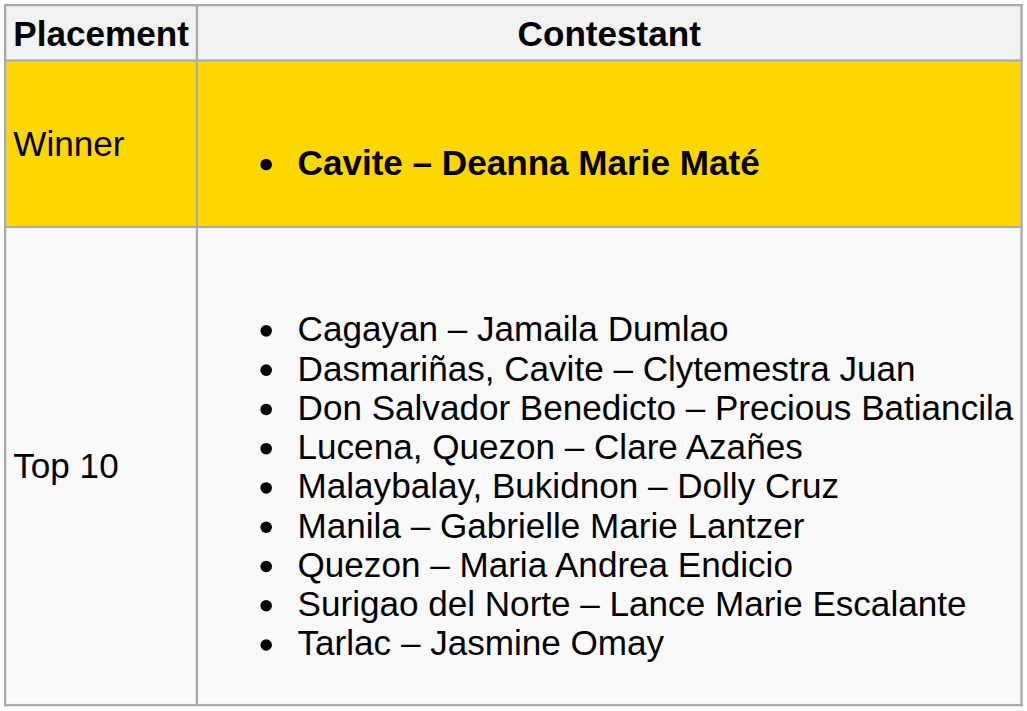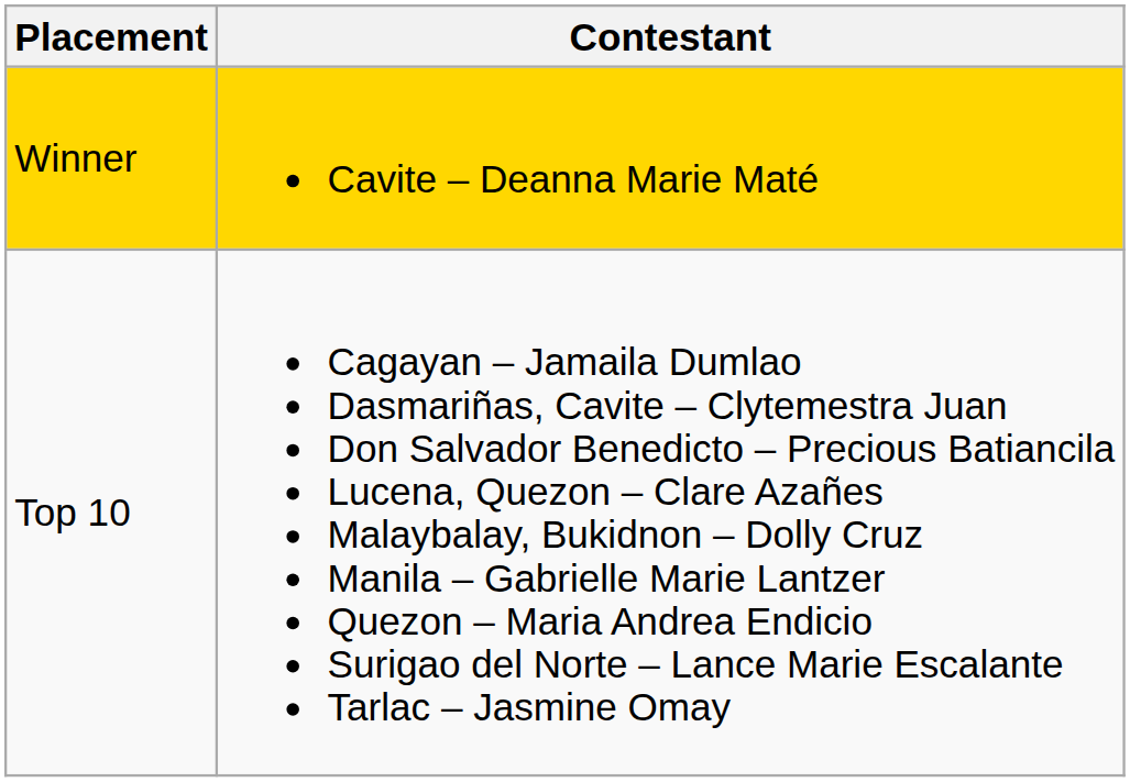 <table class="wikitable sortable" style="font-size:95%;">
 <tr>
 <th>Placement</th>
 <th>Contestant</th>
 </tr>
 <tr style="background:gold;">
 <td>Winner</td>
-<td><strong><br><ul><li>Cavite – Deanna Marie Maté</li></ul></strong></td>
+<td><br><ul><li>Cavite – Deanna Marie Maté</li></ul></td>
 </tr>
 <tr>
 <td>Top 10</td>
 <td><br><ul><li>Cagayan – Jamaila Dumlao</li><li>Dasmariñas, Cavite – Clytemestra Juan</li><li>Don Salvador Benedicto – Precious Batiancila</li><li>Lucena, Quezon – Clare Azañes</li><li>Malaybalay, Bukidnon – Dolly Cruz</li><li>Manila – Gabrielle Marie Lantzer</li><li>Quezon – Maria Andrea Endicio</li><li>Surigao del Norte – Lance Marie Escalante</li><li>Tarlac – Jasmine Omay</li></ul></td>
 </tr>
 </table>
